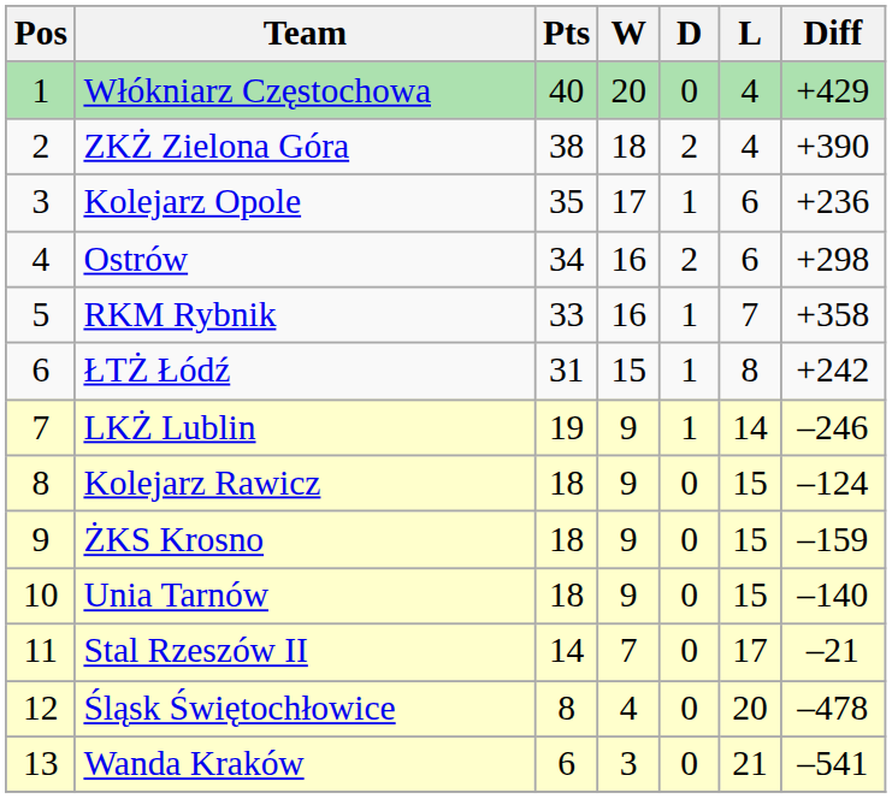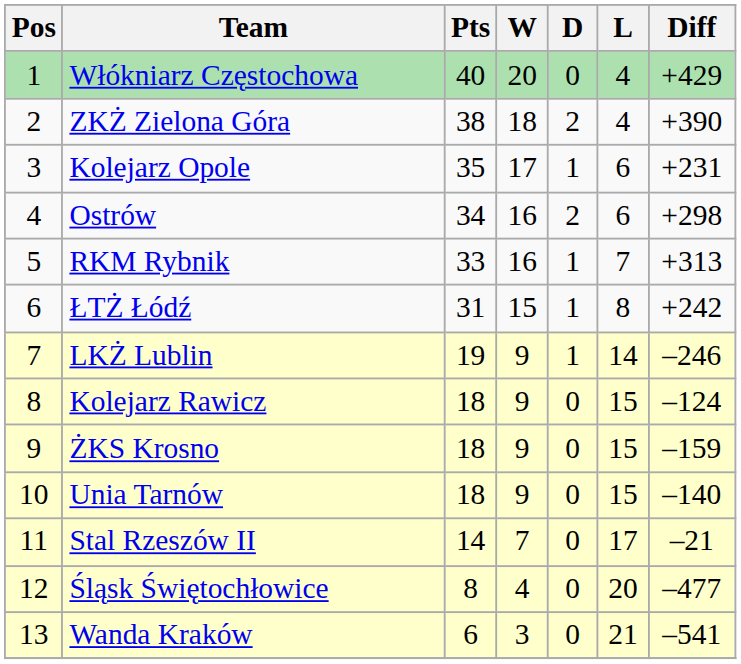 <table class="wikitable" style="font-size: 100%">
 <tr>
 <th width=20>Pos</th>
 <th width=200>Team</th>
 <th width=20>Pts</th>
 <th width=20>W</th>
 <th width=20>D</th>
 <th width=20>L</th>
 <th width=40>Diff</th>
 </tr>
 <tr align=center style="background:#ACE1AF;">
 <td>1</td>
 <td align=left><a href='#'>Włókniarz Częstochowa</a></td>
 <td>40</td>
 <td>20</td>
 <td>0</td>
 <td>4</td>
 <td>+429</td>
 </tr>
 <tr align=center>
 <td>2</td>
 <td align=left><a href='#'>ZKŻ Zielona Góra</a></td>
 <td>38</td>
 <td>18</td>
 <td>2</td>
 <td>4</td>
 <td>+390</td>
 </tr>
 <tr align=center>
 <td>3</td>
 <td align=left><a href='#'>Kolejarz Opole</a></td>
 <td>35</td>
 <td>17</td>
 <td>1</td>
 <td>6</td>
-<td>+236</td>
+<td>+231</td>
 </tr>
 <tr align=center>
 <td>4</td>
 <td align=left><a href='#'>Ostrów</a></td>
 <td>34</td>
 <td>16</td>
 <td>2</td>
 <td>6</td>
 <td>+298</td>
 </tr>
 <tr align=center>
 <td>5</td>
 <td align=left><a href='#'>RKM Rybnik</a></td>
 <td>33</td>
 <td>16</td>
 <td>1</td>
 <td>7</td>
-<td>+358</td>
+<td>+313</td>
 </tr>
 <tr align=center>
 <td>6</td>
 <td align=left><a href='#'>ŁTŻ Łódź</a></td>
 <td>31</td>
 <td>15</td>
 <td>1</td>
 <td>8</td>
 <td>+242</td>
 </tr>
 <tr align=center style="background: #ffffcc;">
 <td>7</td>
 <td align=left><a href='#'>LKŻ Lublin</a></td>
 <td>19</td>
 <td>9</td>
 <td>1</td>
 <td>14</td>
 <td>–246</td>
 </tr>
 <tr align=center style="background: #ffffcc;">
 <td>8</td>
 <td align=left><a href='#'>Kolejarz Rawicz</a></td>
 <td>18</td>
 <td>9</td>
 <td>0</td>
 <td>15</td>
 <td>–124</td>
 </tr>
 <tr align=center style="background: #ffffcc;">
 <td>9</td>
 <td align=left><a href='#'>ŻKS Krosno</a></td>
 <td>18</td>
 <td>9</td>
 <td>0</td>
 <td>15</td>
 <td>–159</td>
 </tr>
 <tr align=center style="background: #ffffcc;">
 <td>10</td>
 <td align=left><a href='#'>Unia Tarnów</a></td>
 <td>18</td>
 <td>9</td>
 <td>0</td>
 <td>15</td>
 <td>–140</td>
 </tr>
 <tr align=center style="background: #ffffcc;">
 <td>11</td>
 <td align=left><a href='#'>Stal Rzeszów II</a></td>
 <td>14</td>
 <td>7</td>
 <td>0</td>
 <td>17</td>
 <td>–21</td>
 </tr>
 <tr align=center style="background: #ffffcc;">
 <td>12</td>
 <td align=left><a href='#'>Śląsk Świętochłowice</a></td>
 <td>8</td>
 <td>4</td>
 <td>0</td>
 <td>20</td>
-<td>–478</td>
+<td>–477</td>
 </tr>
 <tr align=center style="background: #ffffcc;">
 <td>13</td>
 <td align=left><a href='#'>Wanda Kraków</a></td>
 <td>6</td>
 <td>3</td>
 <td>0</td>
 <td>21</td>
 <td>–541</td>
 </tr>
 <tr align=center>
 </tr>
 </table>
